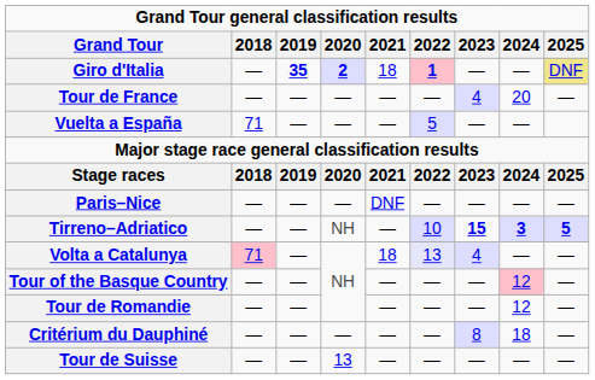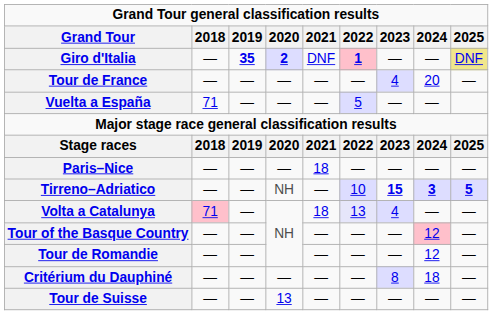 <table class="wikitable plainrowheaders">
 <tr>
 <td colspan=16 align="center"><strong>Grand Tour general classification results</strong></td>
 </tr>
 <tr>
 <th scope="col"><a href='#'>Grand Tour</a></th>
 <th scope="col">2018</th>
 <th scope="col">2019</th>
 <th scope="col">2020</th>
 <th scope="col">2021</th>
 <th scope="col">2022</th>
 <th scope="col">2023</th>
 <th scope="col">2024</th>
 <th scope="col">2025</th>
 </tr>
 <tr style="text-align:center;">
 <th scope="row"> <a href='#'>Giro d'Italia</a></th>
 <td>—</td>
 <td><strong><a href='#'>35</a></strong></td>
 <td style="background:#ddf;"><a href='#'><strong>2</strong></a></td>
-<td><a href='#'>18</a></td>
+<td><a href='#'>DNF</a></td>
 <td style="background:pink;"><a href='#'><strong>1</strong></a></td>
 <td>—</td>
 <td>—</td>
 <td style="background: khaki;"><a href='#'>DNF</a></td>
 </tr>
 <tr style="text-align:center;">
 <th scope="row"> <a href='#'>Tour de France</a></th>
 <td>—</td>
 <td>—</td>
 <td>—</td>
 <td>—</td>
 <td>—</td>
 <td style="background:#ddf;"><a href='#'>4</a></td>
 <td><a href='#'>20</a></td>
 <td>—</td>
 </tr>
 <tr style="text-align:center;">
 <th scope="row"> <a href='#'>Vuelta a España</a></th>
 <td><a href='#'>71</a></td>
 <td>—</td>
 <td>—</td>
 <td>—</td>
 <td style="background:#ddf;"><a href='#'>5</a></td>
 <td>—</td>
 <td>—</td>
 <td></td>
 </tr>
 <tr>
 <td colspan=16 align="center"><strong>Major stage race general classification results</strong></td>
 </tr>
 <tr>
 <th scope="col">Stage races</th>
 <th scope="col">2018</th>
 <th scope="col">2019</th>
 <th scope="col">2020</th>
 <th scope="col">2021</th>
 <th scope="col">2022</th>
 <th scope="col">2023</th>
 <th scope="col">2024</th>
 <th scope="col">2025</th>
 </tr>
 <tr style="text-align:center;">
 <th scope="row"> <a href='#'>Paris–Nice</a></th>
 <td>—</td>
 <td>—</td>
 <td>—</td>
-<td><a href='#'>DNF</a></td>
+<td><a href='#'>18</a></td>
 <td>—</td>
 <td>—</td>
 <td>—</td>
 <td>—</td>
 </tr>
 <tr style="text-align:center;">
 <th scope="row"> <a href='#'>Tirreno–Adriatico</a></th>
 <td>—</td>
 <td>—</td>
 <td style="color:#4d4d4d;">NH</td>
 <td>—</td>
 <td style="background:#ddf;"><a href='#'>10</a></td>
 <td><strong><a href='#'>15</a></strong></td>
 <td style="background:#ddf;"><a href='#'><strong>3</strong></a></td>
 <td style="background:#ddf;"><strong><a href='#'>5</a></strong></td>
 </tr>
 <tr style="text-align:center;">
 <th scope="row"> <a href='#'>Volta a Catalunya</a></th>
 <td style="background: pink;"><a href='#'>71</a></td>
 <td>—</td>
 <td style="color:#4d4d4d;" rowspan=3>NH</td>
 <td><a href='#'>18</a></td>
 <td style="background: lavender;"><a href='#'>13</a></td>
 <td style="background:#ddf;"><a href='#'>4</a></td>
 <td>—</td>
 <td>—</td>
 </tr>
 <tr style="text-align:center;">
 <th scope="row"> <a href='#'>Tour of the Basque Country</a></th>
 <td>—</td>
 <td>—</td>
 <td>—</td>
 <td>—</td>
 <td>—</td>
 <td style="background: pink;"><a href='#'>12</a></td>
 <td>—</td>
 </tr>
 <tr style="text-align:center;">
 <th scope="row"> <a href='#'>Tour de Romandie</a></th>
 <td>—</td>
 <td>—</td>
 <td>—</td>
 <td>—</td>
 <td>—</td>
 <td><a href='#'>12</a></td>
 <td>—</td>
 </tr>
 <tr style="text-align:center;">
 <th scope="row"> <a href='#'>Critérium du Dauphiné</a></th>
 <td>—</td>
 <td>—</td>
 <td>—</td>
 <td>—</td>
 <td>—</td>
 <td style="background:#ddf;"><a href='#'>8</a></td>
 <td><a href='#'>18</a></td>
 <td>—</td>
 </tr>
 <tr align="center">
 <th scope="row"> <a href='#'>Tour de Suisse</a></th>
 <td>—</td>
 <td>—</td>
 <td><a href='#'>13</a></td>
 <td>—</td>
 <td>—</td>
 <td>—</td>
 <td>—</td>
 <td>—</td>
 </tr>
 </table>
